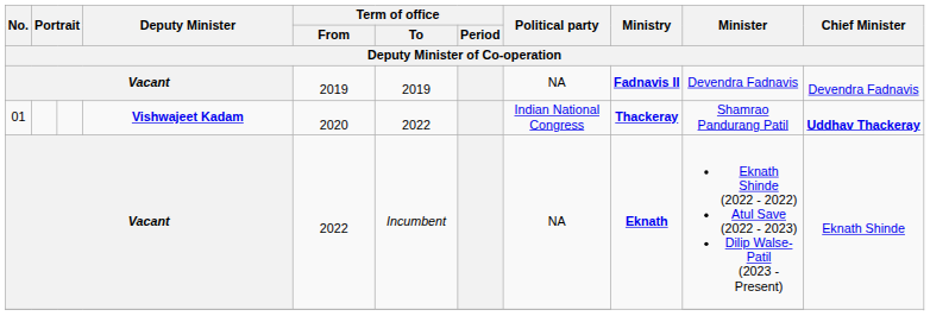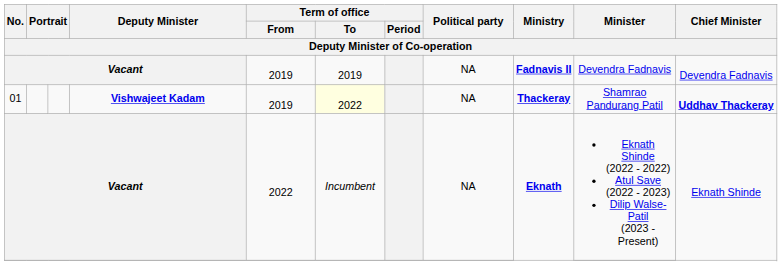 <table class="wikitable" style="text-align:center">
 <tr>
 <th rowspan="2">No.</th>
 <th rowspan="2" colspan="2">Portrait</th>
 <th rowspan="2" style="width:16em">Deputy Minister<br></th>
 <th colspan="3">Term of office</th>
 <th rowspan="2" style="width:8em">Political party</th>
 <th rowspan="2">Ministry</th>
 <th rowspan="2" style="width:9em">Minister</th>
 <th rowspan="2" style="width:9em">Chief Minister</th>
 </tr>
 <tr>
 <th style="width:6em">From</th>
 <th style="width:6em">To</th>
 <th>Period</th>
 </tr>
 <tr>
 <th colspan="11">Deputy Minister of Co-operation</th>
 </tr>
 <tr>
 <th colspan="04"><strong><em>Vacant</em></strong></th>
 <td><br>2019</td>
 <td><br>2019</td>
 <th></th>
 <td>NA</td>
 <td rowspan="1"><a href='#'><strong>Fadnavis II</strong></a></td>
 <td><a href='#'>Devendra Fadnavis</a></td>
 <td rowspan="1"> <br><a href='#'>Devendra Fadnavis</a></td>
 </tr>
 <tr>
 <td>01</td>
 <td style="color:inherit;background:"></td>
 <td></td>
 <td><strong><a href='#'>Vishwajeet Kadam</a></strong> <br> </td>
-<td><br>2020</td>
-<td><br>2022</td>
+<td><br>2019</td>
+<td style="background: lightyellow;"><br>2022</td>
 <th></th>
-<td><a href='#'>Indian National Congress</a></td>
+<td>NA</td>
 <td rowspan="1"><a href='#'><strong>Thackeray</strong></a></td>
 <td><a href='#'>Shamrao Pandurang Patil</a></td>
 <td rowspan="1"><strong> <br><a href='#'>Uddhav Thackeray</a></strong></td>
 </tr>
 <tr>
 <th colspan="04"><strong><em>Vacant </em></strong></th>
 <td><br>2022</td>
 <td><em>Incumbent</em></td>
 <th></th>
 <td>NA</td>
 <td rowspan="2"><a href='#'><strong>Eknath</strong></a></td>
 <td><br><ul><li><a href='#'>Eknath Shinde</a><br>(2022 - 2022)</li><li><a href='#'>Atul Save</a><br>(2022 - 2023)</li><li><a href='#'>Dilip Walse-Patil</a><br> (2023 - Present)</li></ul></td>
 <td rowspan="2"> <br><a href='#'>Eknath Shinde</a></td>
 </tr>
 <tr>
 </tr>
 </table>
